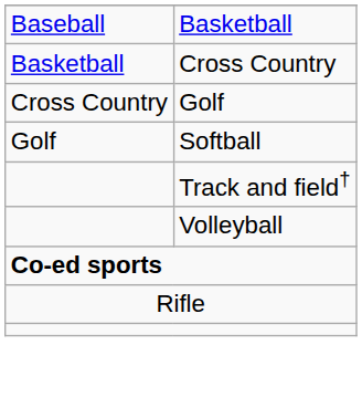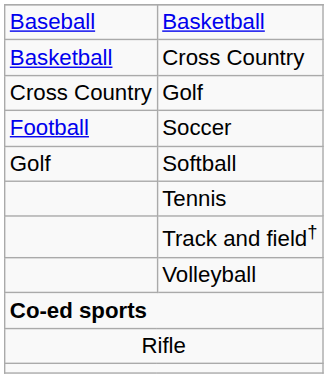 <table class="wikitable" style=" ">
 <tr>
 </tr>
 <tr>
 <td><a href='#'>Baseball</a></td>
 <td><a href='#'>Basketball</a></td>
 </tr>
 <tr>
 <td><a href='#'>Basketball</a></td>
 <td>Cross Country</td>
 </tr>
 <tr>
 <td>Cross Country</td>
 <td>Golf</td>
 </tr>
 <tr>
+<td><a href='#'>Football</a></td>
+<td>Soccer</td>
+</tr>
+<tr>
 <td>Golf</td>
 <td>Softball</td>
+</tr>
+<tr>
+<td></td>
+<td>Tennis</td>
 </tr>
 <tr>
 <td></td>
 <td>Track and field<sup>†</sup></td>
 </tr>
 <tr>
 <td></td>
 <td>Volleyball</td>
 </tr>
 <tr>
 <td colspan="2"><strong>Co-ed sports</strong></td>
 </tr>
 <tr style="text-align:center">
 <td colspan="2">Rifle</td>
 </tr>
 <tr>
 <td colspan="2"></td>
 </tr>
 </table>
